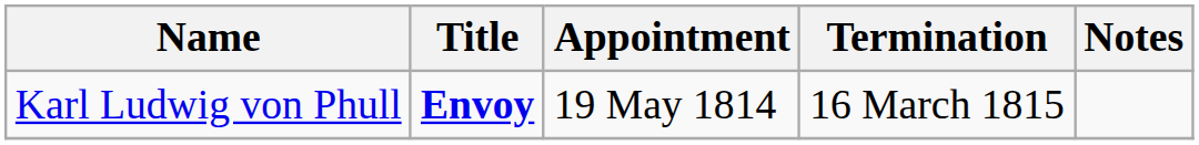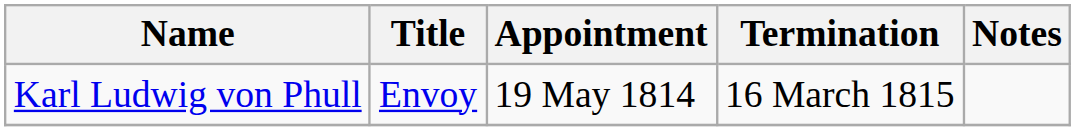 <table class="wikitable">
 <tr valign="middle">
 <th>Name</th>
 <th>Title</th>
 <th>Appointment</th>
 <th>Termination</th>
 <th>Notes</th>
 </tr>
 <tr>
 <td><a href='#'>Karl Ludwig von Phull</a></td>
-<td><strong><a href='#'>Envoy</a></strong></td>
+<td><a href='#'>Envoy</a></td>
 <td>19 May 1814</td>
 <td>16 March 1815</td>
 <td></td>
 </tr>
 <tr>
 </tr>
 </table>
